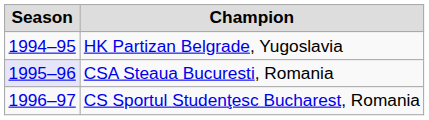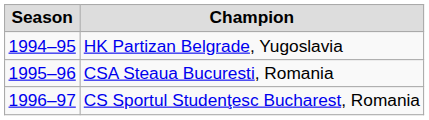 <table class="wikitable">
 <tr style="font-weight:bold; background-color:#dddddd;" align="center" |>
 <td>Season</td>
 <td>Champion</td>
 </tr>
 <tr>
 <td align="center"><a href='#'>1994–95</a></td>
 <td> <a href='#'>HK Partizan Belgrade</a>, Yugoslavia</td>
 </tr>
 <tr>
-<td align="center" style="background: lavender;"><a href='#'>1995–96</a></td>
+<td align="center"><a href='#'>1995–96</a></td>
 <td> <a href='#'>CSA Steaua Bucuresti</a>, Romania</td>
 </tr>
 <tr>
 <td align="center"><a href='#'>1996–97</a></td>
 <td> <a href='#'>CS Sportul Studenţesc Bucharest</a>, Romania</td>
 </tr>
 </table>
